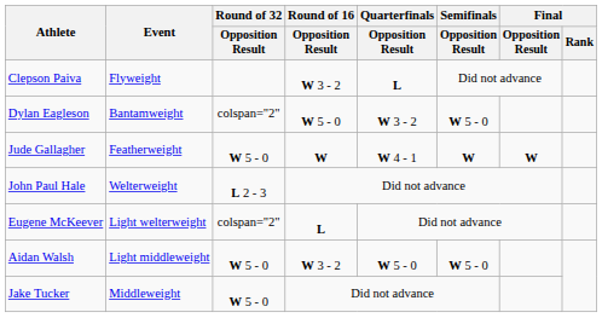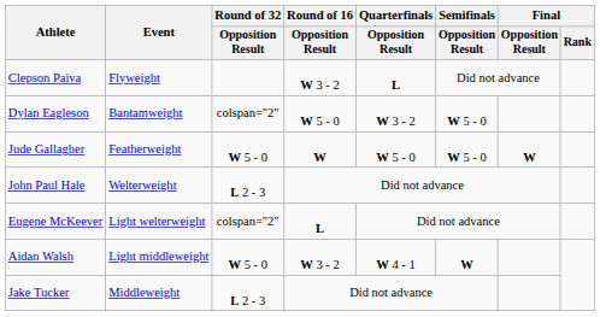 <table class="wikitable" style="font-size:90%; text-align:center">
 <tr>
 <th rowspan=2>Athlete</th>
 <th rowspan=2>Event</th>
 <th>Round of 32</th>
 <th>Round of 16</th>
 <th>Quarterfinals</th>
 <th>Semifinals</th>
 <th colspan=2>Final</th>
 </tr>
 <tr style="font-size:95%">
 <th>Opposition<br>Result</th>
 <th>Opposition<br>Result</th>
 <th>Opposition<br>Result</th>
 <th>Opposition<br>Result</th>
 <th>Opposition<br>Result</th>
 <th>Rank</th>
 </tr>
 <tr>
 <td align=left><a href='#'>Clepson Paiva</a></td>
 <td align=left><a href='#'>Flyweight</a></td>
 <td></td>
 <td><br><strong>W</strong> 3 - 2</td>
 <td><br><strong>L</strong> </td>
 <td colspan="2">Did not advance</td>
 <td></td>
 </tr>
 <tr>
 <td align=left><a href='#'>Dylan Eagleson</a></td>
 <td align=left><a href='#'>Bantamweight</a></td>
 <td>colspan="2" </td>
 <td><br><strong>W</strong> 5 - 0</td>
 <td><br><strong>W</strong> 3 - 2</td>
 <td><br><strong>W</strong> 5 - 0</td>
 <td></td>
 </tr>
 <tr>
 <td align=left><a href='#'>Jude Gallagher</a></td>
 <td align=left><a href='#'>Featherweight</a></td>
 <td><br><strong>W</strong> 5 - 0</td>
 <td><br><strong>W</strong> </td>
-<td><br><strong>W</strong> 4 - 1</td>
-<td><br><strong>W</strong> </td>
+<td><br><strong>W</strong> 5 - 0</td>
+<td><br><strong>W</strong> 5 - 0</td>
 <td><br><strong>W</strong> </td>
 <td></td>
 </tr>
 <tr>
 <td align=left><a href='#'>John Paul Hale</a></td>
 <td align=left><a href='#'>Welterweight</a></td>
 <td><br><strong>L</strong> 2 - 3</td>
 <td colspan="4">Did not advance</td>
 <td></td>
 </tr>
 <tr>
 <td align=left><a href='#'>Eugene McKeever</a></td>
 <td align=left><a href='#'>Light welterweight</a></td>
 <td>colspan="2" </td>
 <td><br><strong>L</strong> </td>
 <td colspan="3">Did not advance</td>
 <td></td>
 </tr>
 <tr>
 <td align=left><a href='#'>Aidan Walsh</a></td>
 <td align=left><a href='#'>Light middleweight</a></td>
 <td><br><strong>W</strong> 5 - 0</td>
 <td><br><strong>W</strong> 3 - 2</td>
-<td><br><strong>W</strong> 5 - 0</td>
-<td><br><strong>W</strong> 5 - 0</td>
+<td><br><strong>W</strong> 4 - 1</td>
+<td><br><strong>W</strong> </td>
 <td></td>
 </tr>
 <tr>
 <td align=left><a href='#'>Jake Tucker</a></td>
 <td align=left><a href='#'>Middleweight</a></td>
-<td><br><strong>W</strong> 5 - 0</td>
+<td><br><strong>L</strong> 2 - 3</td>
 <td colspan="3">Did not advance</td>
 <td></td>
 </tr>
 </table>
